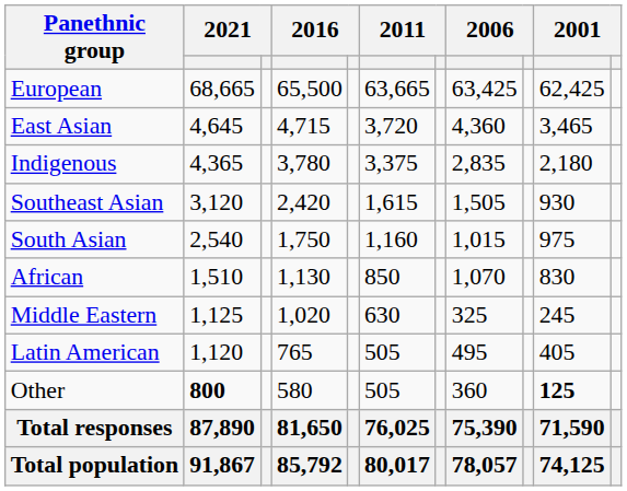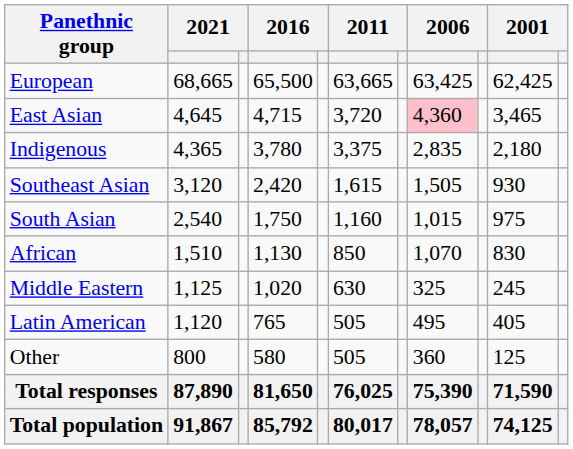 <table class="wikitable collapsible sortable">
 <tr>
 <th rowspan="2"><a href='#'>Panethnic</a><br>group</th>
 <th colspan="2">2021</th>
 <th colspan="2">2016</th>
 <th colspan="2">2011</th>
 <th colspan="2">2006</th>
 <th colspan="2">2001</th>
 </tr>
 <tr>
 <th><a href='#'></a></th>
 <th></th>
 <th></th>
 <th></th>
 <th></th>
 <th></th>
 <th></th>
 <th></th>
 <th></th>
 <th></th>
 </tr>
 <tr>
 <td><a href='#'>European</a></td>
 <td>68,665</td>
 <td></td>
 <td>65,500</td>
 <td></td>
 <td>63,665</td>
 <td></td>
 <td>63,425</td>
 <td></td>
 <td>62,425</td>
 <td></td>
 </tr>
 <tr>
 <td><a href='#'>East Asian</a></td>
 <td>4,645</td>
 <td></td>
 <td>4,715</td>
 <td></td>
 <td>3,720</td>
 <td></td>
-<td>4,360</td>
+<td style="background: pink;">4,360</td>
 <td></td>
 <td>3,465</td>
 <td></td>
 </tr>
 <tr>
 <td><a href='#'>Indigenous</a></td>
 <td>4,365</td>
 <td></td>
 <td>3,780</td>
 <td></td>
 <td>3,375</td>
 <td></td>
 <td>2,835</td>
 <td></td>
 <td>2,180</td>
 <td></td>
 </tr>
 <tr>
 <td><a href='#'>Southeast Asian</a></td>
 <td>3,120</td>
 <td></td>
 <td>2,420</td>
 <td></td>
 <td>1,615</td>
 <td></td>
 <td>1,505</td>
 <td></td>
 <td>930</td>
 <td></td>
 </tr>
 <tr>
 <td><a href='#'>South Asian</a></td>
 <td>2,540</td>
 <td></td>
 <td>1,750</td>
 <td></td>
 <td>1,160</td>
 <td></td>
 <td>1,015</td>
 <td></td>
 <td>975</td>
 <td></td>
 </tr>
 <tr>
 <td><a href='#'>African</a></td>
 <td>1,510</td>
 <td></td>
 <td>1,130</td>
 <td></td>
 <td>850</td>
 <td></td>
 <td>1,070</td>
 <td></td>
 <td>830</td>
 <td></td>
 </tr>
 <tr>
 <td><a href='#'>Middle Eastern</a></td>
 <td>1,125</td>
 <td></td>
 <td>1,020</td>
 <td></td>
 <td>630</td>
 <td></td>
 <td>325</td>
 <td></td>
 <td>245</td>
 <td></td>
 </tr>
 <tr>
 <td><a href='#'>Latin American</a></td>
 <td>1,120</td>
 <td></td>
 <td>765</td>
 <td></td>
 <td>505</td>
 <td></td>
 <td>495</td>
 <td></td>
 <td>405</td>
 <td></td>
 </tr>
 <tr>
 <td>Other</td>
-<td><strong>800</strong></td>
+<td>800</td>
 <td></td>
 <td>580</td>
 <td></td>
 <td>505</td>
 <td></td>
 <td>360</td>
 <td></td>
-<td><strong>125</strong></td>
+<td>125</td>
 <td></td>
 </tr>
 <tr>
 <th>Total responses</th>
 <th>87,890</th>
 <th></th>
 <th>81,650</th>
 <th></th>
 <th>76,025</th>
 <th></th>
 <th>75,390</th>
 <th></th>
 <th>71,590</th>
 <th></th>
 </tr>
 <tr>
 <th>Total population</th>
 <th>91,867</th>
 <th></th>
 <th>85,792</th>
 <th></th>
 <th>80,017</th>
 <th></th>
 <th>78,057</th>
 <th></th>
 <th>74,125</th>
 <th></th>
 </tr>
 </table>
